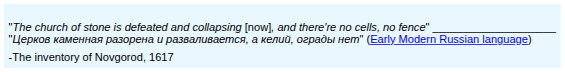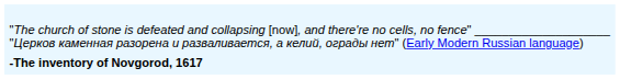 <table class="toccolours" style="font-size: 90%; background:#E9F7FF; color:black;" cellspacing="5">
 <tr>
 <td style="text-align: left;"><br>"<em>The church of stone is defeated and collapsing </em>[now]<em>, and there're no cells, no fence</em>"   ____________________<br>"<em>Церков каменная разорена и разваливается, а келий, ограды нет</em>" (<a href='#'>Early Modern Russian language</a>)<br></td>
 </tr>
 <tr>
-<td style="text-align: left;">-The inventory of Novgorod, 1617</td>
+<td style="text-align: left;"><strong>-The inventory of Novgorod, 1617</strong></td>
 </tr>
 </table>
